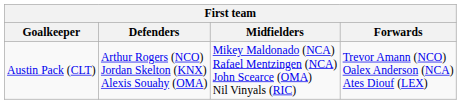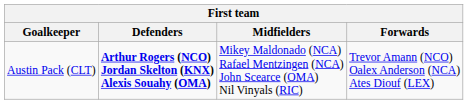 <table class="wikitable">
 <tr>
 <th colspan="4">First team</th>
 </tr>
 <tr>
 <th>Goalkeeper</th>
 <th>Defenders</th>
 <th>Midfielders</th>
 <th>Forwards</th>
 </tr>
 <tr>
 <td> <a href='#'>Austin Pack</a> (<a href='#'>CLT</a>)</td>
-<td> <a href='#'>Arthur Rogers</a> (<a href='#'>NCO</a>)<br> <a href='#'>Jordan Skelton</a> (<a href='#'>KNX</a>)<br> <a href='#'>Alexis Souahy</a> (<a href='#'>OMA</a>)</td>
+<td><strong> <a href='#'>Arthur Rogers</a> (<a href='#'>NCO</a>)<br> <a href='#'>Jordan Skelton</a> (<a href='#'>KNX</a>)<br> <a href='#'>Alexis Souahy</a> (<a href='#'>OMA</a>)</strong></td>
 <td> <a href='#'>Mikey Maldonado</a> (<a href='#'>NCA</a>)<br> <a href='#'>Rafael Mentzingen</a> (<a href='#'>NCA</a>)<br> <a href='#'>John Scearce</a> (<a href='#'>OMA</a>)<br> Nil Vinyals (<a href='#'>RIC</a>)</td>
 <td> <a href='#'>Trevor Amann</a> (<a href='#'>NCO</a>)<br> <a href='#'>Oalex Anderson</a> (<a href='#'>NCA</a>)<br> <a href='#'>Ates Diouf</a> (<a href='#'>LEX</a>)</td>
 </tr>
 </table>
